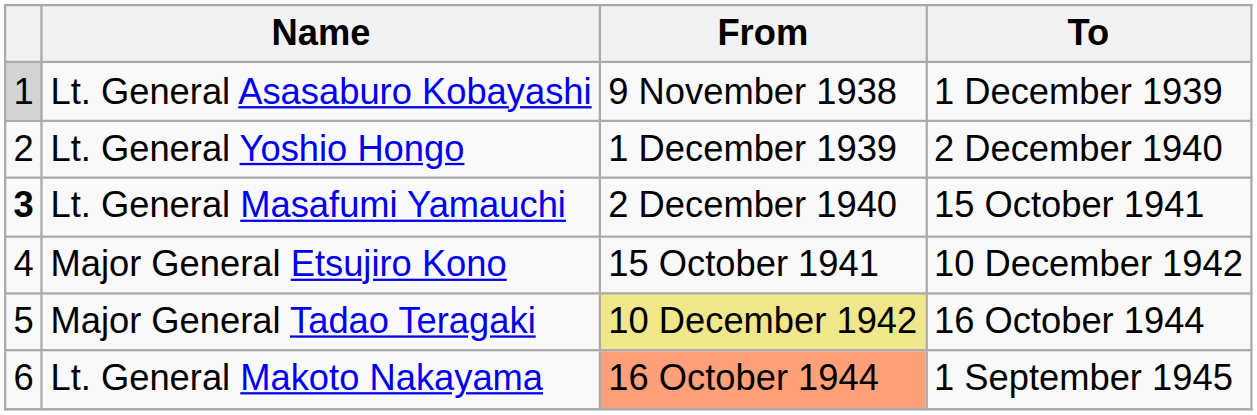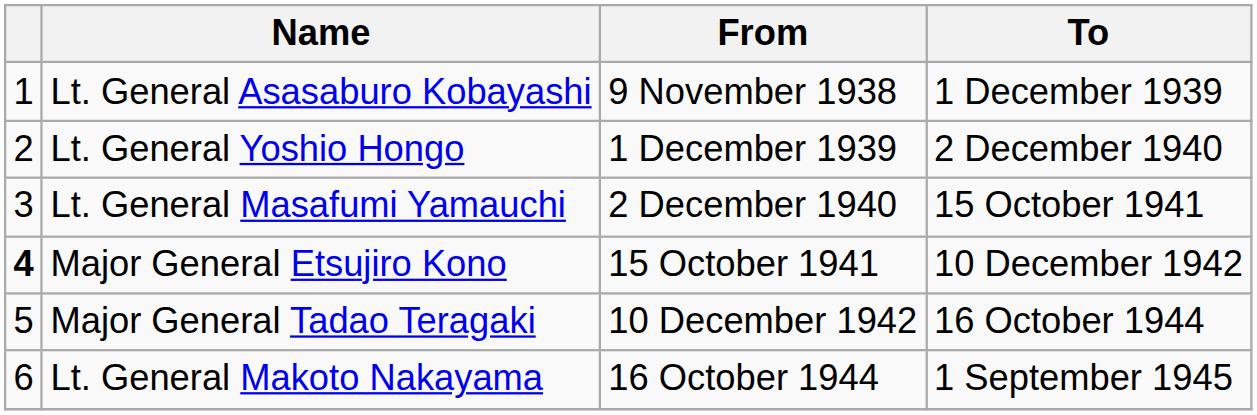 <table class=wikitable>
 <tr>
 <th></th>
 <th>Name</th>
 <th>From</th>
 <th>To</th>
 </tr>
 <tr>
-<td style="background: lightgrey;">1</td>
+<td>1</td>
 <td>Lt.  General <a href='#'>Asasaburo Kobayashi</a></td>
 <td>9 November 1938</td>
 <td>1 December 1939</td>
 </tr>
 <tr>
 <td>2</td>
 <td>Lt. General <a href='#'>Yoshio Hongo</a></td>
 <td>1 December 1939</td>
 <td>2 December 1940</td>
 </tr>
 <tr>
-<td><strong>3</strong></td>
+<td>3</td>
 <td>Lt. General <a href='#'>Masafumi Yamauchi</a></td>
 <td>2 December 1940</td>
 <td>15 October 1941</td>
 </tr>
 <tr>
-<td>4</td>
+<td><strong>4</strong></td>
 <td>Major General <a href='#'>Etsujiro Kono</a></td>
 <td>15 October 1941</td>
 <td>10 December 1942</td>
 </tr>
 <tr>
 <td>5</td>
 <td>Major General <a href='#'>Tadao Teragaki</a></td>
-<td style="background: khaki;">10 December 1942</td>
+<td>10 December 1942</td>
 <td>16 October 1944</td>
 </tr>
 <tr>
 <td>6</td>
 <td>Lt. General <a href='#'>Makoto Nakayama</a></td>
-<td style="background: lightsalmon;">16 October 1944</td>
+<td>16 October 1944</td>
 <td>1 September 1945</td>
 </tr>
 <tr>
 </tr>
 </table>
